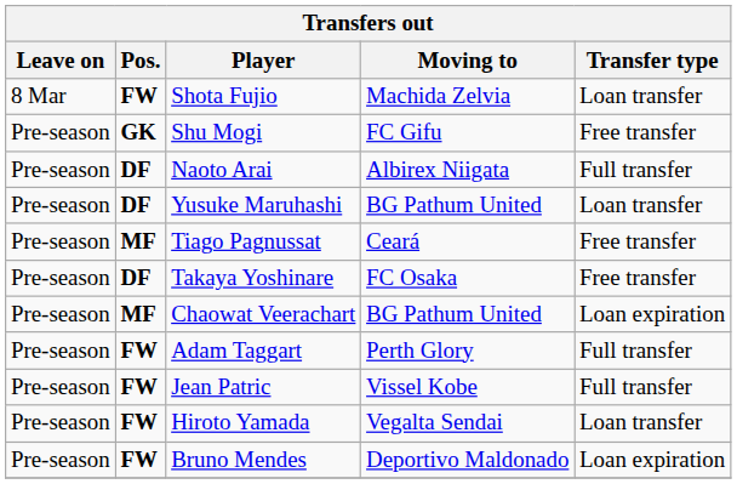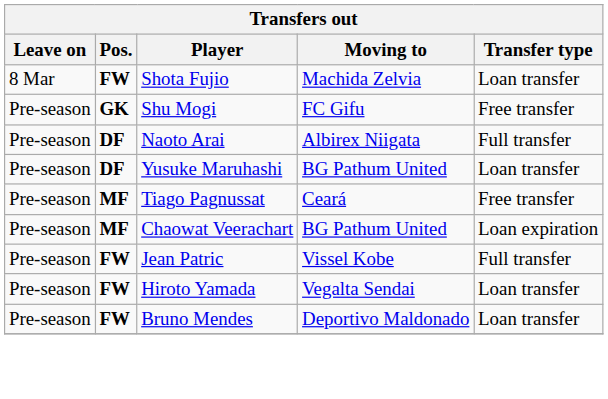 <table class="wikitable sortable" style=“text-align:left;>
 <tr>
 <th colspan="5">Transfers out</th>
 </tr>
 <tr>
 <th>Leave on</th>
 <th>Pos.</th>
 <th>Player</th>
 <th>Moving to</th>
 <th>Transfer type</th>
 </tr>
 <tr>
 <td>8 Mar</td>
 <td><strong>FW</strong></td>
 <td> <a href='#'>Shota Fujio</a></td>
 <td> <a href='#'>Machida Zelvia</a></td>
 <td>Loan transfer</td>
 </tr>
 <tr>
 <td>Pre-season</td>
 <td><strong>GK</strong></td>
 <td> <a href='#'>Shu Mogi</a></td>
 <td> <a href='#'>FC Gifu</a></td>
 <td>Free transfer</td>
 </tr>
 <tr>
 <td>Pre-season</td>
 <td><strong>DF</strong></td>
 <td> <a href='#'>Naoto Arai</a></td>
 <td> <a href='#'>Albirex Niigata</a></td>
 <td>Full transfer</td>
 </tr>
 <tr>
 <td>Pre-season</td>
 <td><strong>DF</strong></td>
 <td> <a href='#'>Yusuke Maruhashi</a></td>
 <td> <a href='#'>BG Pathum United</a></td>
 <td>Loan transfer</td>
 </tr>
 <tr>
 <td>Pre-season</td>
 <td><strong>MF</strong></td>
 <td> <a href='#'>Tiago Pagnussat</a></td>
 <td> <a href='#'>Ceará</a></td>
 <td>Free transfer</td>
 </tr>
 <tr>
 <td>Pre-season</td>
-<td><strong>DF</strong></td>
-<td> <a href='#'>Takaya Yoshinare</a></td>
-<td> <a href='#'>FC Osaka</a></td>
-<td>Free transfer</td>
-</tr>
-<tr>
-<td>Pre-season</td>
 <td><strong>MF</strong></td>
 <td> <a href='#'>Chaowat Veerachart</a></td>
 <td> <a href='#'>BG Pathum United</a></td>
 <td>Loan expiration</td>
-</tr>
-<tr>
-<td>Pre-season</td>
-<td><strong>FW</strong></td>
-<td> <a href='#'>Adam Taggart</a></td>
-<td> <a href='#'>Perth Glory</a></td>
-<td>Full transfer</td>
 </tr>
 <tr>
 <td>Pre-season</td>
 <td><strong>FW</strong></td>
 <td> <a href='#'>Jean Patric</a></td>
 <td> <a href='#'>Vissel Kobe</a></td>
 <td>Full transfer</td>
 </tr>
 <tr>
 <td>Pre-season</td>
 <td><strong>FW</strong></td>
 <td> <a href='#'>Hiroto Yamada</a></td>
 <td> <a href='#'>Vegalta Sendai</a></td>
 <td>Loan transfer</td>
 </tr>
 <tr>
 <td>Pre-season</td>
 <td><strong>FW</strong></td>
 <td> <a href='#'>Bruno Mendes</a></td>
 <td> <a href='#'>Deportivo Maldonado</a></td>
-<td>Loan expiration</td>
+<td>Loan transfer</td>
 </tr>
 <tr>
 </tr>
 </table>
